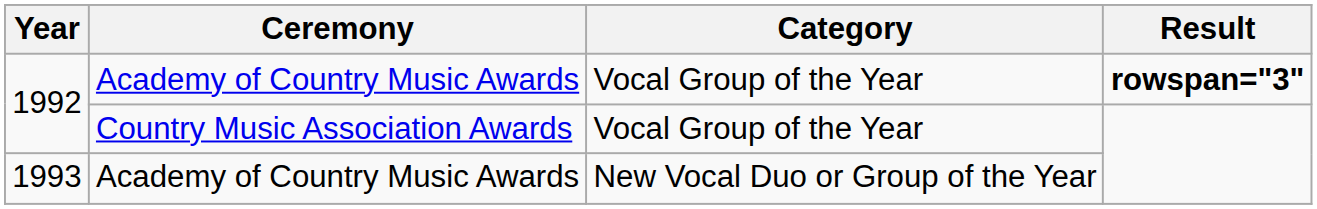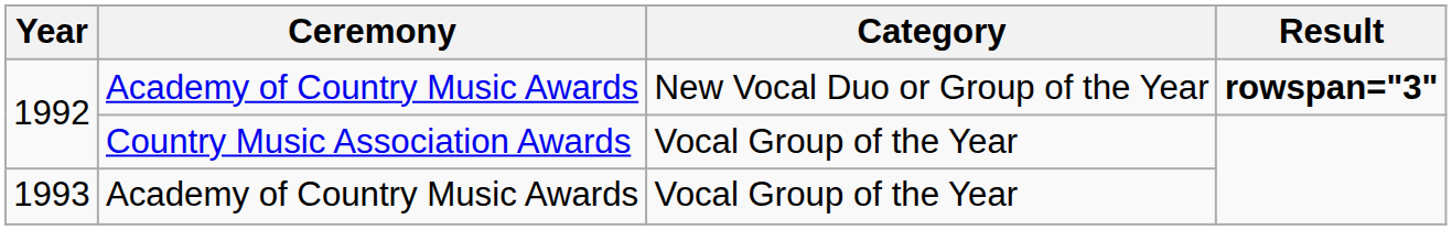 <table class=wikitable>
 <tr>
 <th>Year</th>
 <th>Ceremony</th>
 <th>Category</th>
 <th>Result</th>
 </tr>
 <tr>
 <td rowspan="2">1992</td>
 <td><a href='#'>Academy of Country Music Awards</a></td>
-<td>Vocal Group of the Year</td>
+<td>New Vocal Duo or Group of the Year</td>
 <td><strong>rowspan="3" </strong></td>
 </tr>
 <tr>
 <td><a href='#'>Country Music Association Awards</a></td>
 <td>Vocal Group of the Year</td>
 </tr>
 <tr>
 <td>1993</td>
 <td>Academy of Country Music Awards</td>
-<td>New Vocal Duo or Group of the Year</td>
+<td>Vocal Group of the Year</td>
 </tr>
 </table>
